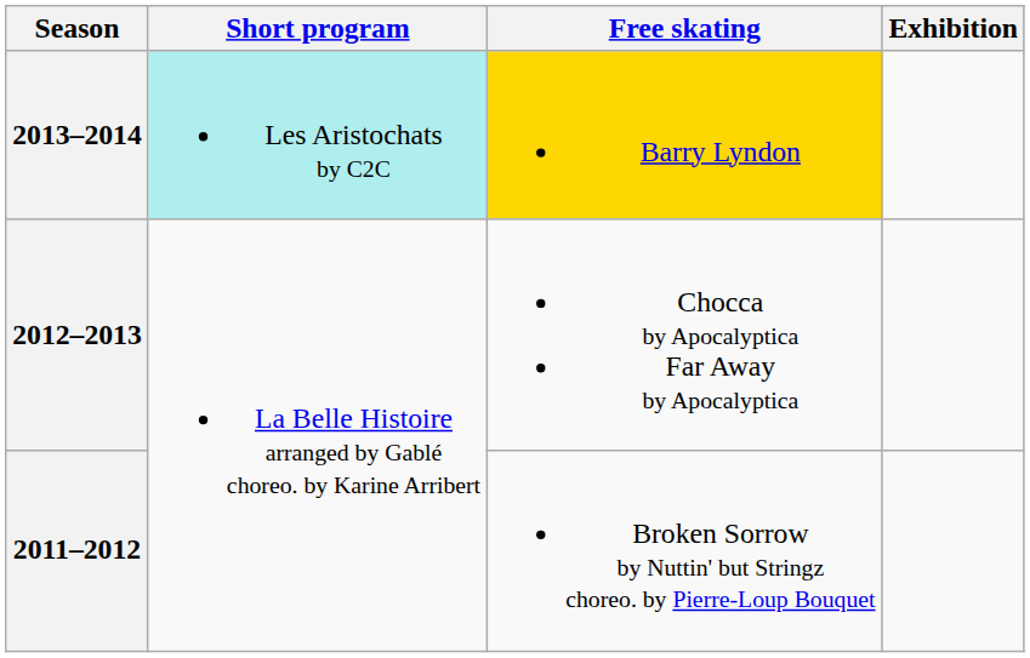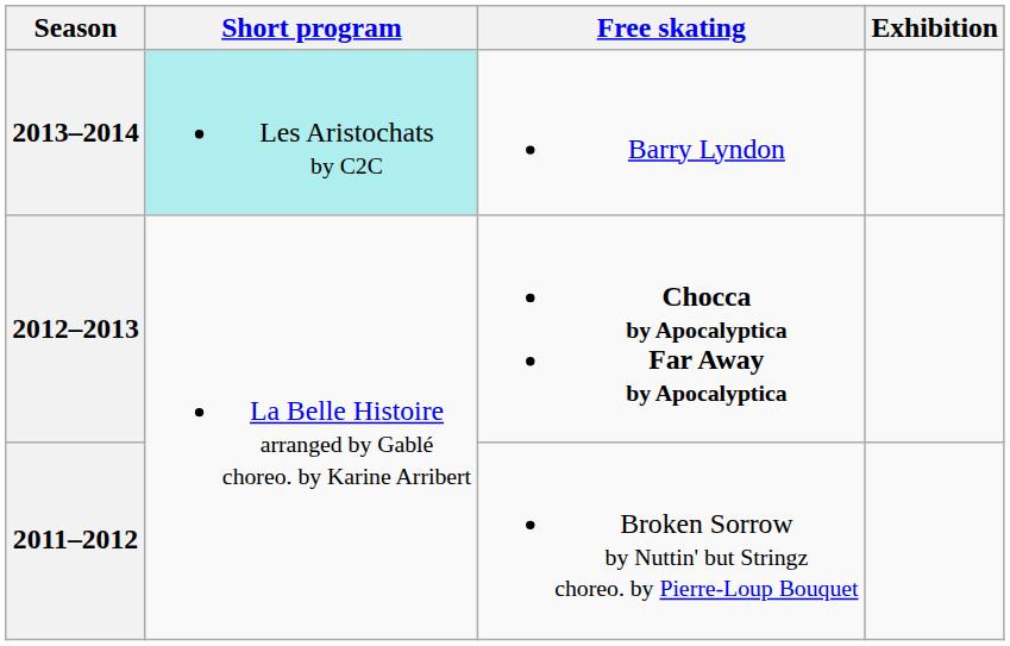 <table class="wikitable" style="text-align:center">
 <tr>
 <th>Season</th>
 <th><a href='#'>Short program</a></th>
 <th><a href='#'>Free skating</a></th>
 <th>Exhibition</th>
 </tr>
 <tr>
 <th>2013–2014 <br></th>
 <td style="background: paleturquoise;"><br><ul><li>Les Aristochats <br><small> by C2C </small></li></ul></td>
-<td style="background: gold;"><br><ul><li><a href='#'>Barry Lyndon</a></li></ul></td>
+<td><br><ul><li><a href='#'>Barry Lyndon</a></li></ul></td>
 <td></td>
 </tr>
 <tr>
 <th>2012–2013 <br></th>
 <td rowspan=2><br><ul><li><a href='#'>La Belle Histoire</a> <br><small> arranged by Gablé <br> choreo. by Karine Arribert </small></li></ul></td>
-<td><br><ul><li>Chocca <br><small> by Apocalyptica </small></li><li>Far Away <br><small> by Apocalyptica </small></li></ul></td>
+<td><strong><br><ul><li>Chocca <br><small> by Apocalyptica </small></li><li>Far Away <br><small> by Apocalyptica </small></li></ul></strong></td>
 <td></td>
 </tr>
 <tr>
 <th>2011–2012 <br></th>
 <td><br><ul><li>Broken Sorrow <br><small> by Nuttin' but Stringz <br> choreo. by <a href='#'>Pierre-Loup Bouquet</a> </small></li></ul></td>
 <td></td>
 </tr>
 </table>
